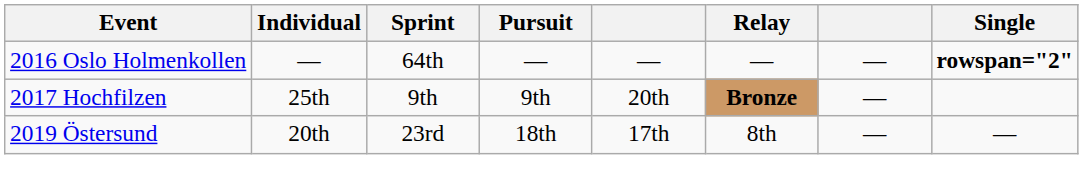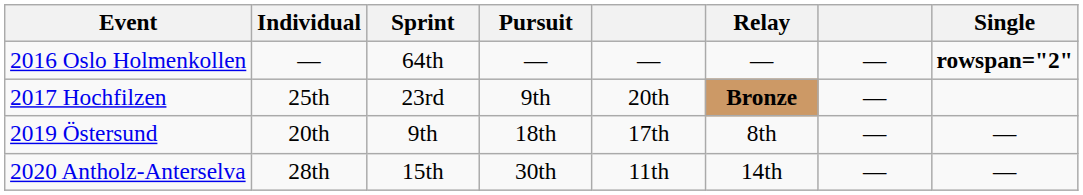 <table class="wikitable" style="text-align: center;">
 <tr>
 <th>Event</th>
 <th style="width:70px;">Individual</th>
 <th style="width:70px;">Sprint</th>
 <th style="width:70px;">Pursuit</th>
 <th style="width:70px;"></th>
 <th style="width:70px;">Relay</th>
 <th style="width:70px;"></th>
 <th style="width:70px;">Single </th>
 </tr>
 <tr>
 <td align=left> <a href='#'>2016 Oslo Holmenkollen</a></td>
 <td>—</td>
 <td>64th</td>
 <td>—</td>
 <td>—</td>
 <td>—</td>
 <td>—</td>
 <td><strong>rowspan="2" </strong></td>
 </tr>
 <tr>
 <td align=left> <a href='#'>2017 Hochfilzen</a></td>
 <td>25th</td>
-<td>9th</td>
+<td>23rd</td>
 <td>9th</td>
 <td>20th</td>
 <td style="background:#CC9966;"><strong>Bronze</strong></td>
 <td>—</td>
 </tr>
 <tr>
 <td align=left> <a href='#'>2019 Östersund</a></td>
 <td>20th</td>
-<td>23rd</td>
+<td>9th</td>
 <td>18th</td>
 <td>17th</td>
 <td>8th</td>
 <td>—</td>
 <td>—</td>
 </tr>
+<tr>
+<td align=left> <a href='#'>2020 Antholz-Anterselva</a></td>
+<td>28th</td>
+<td>15th</td>
+<td>30th</td>
+<td>11th</td>
+<td>14th</td>
+<td>—</td>
+<td>—</td>
+</tr>
 </table>
